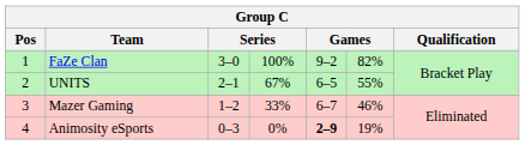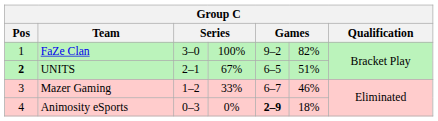 <table class="wikitable" style="display: inline-table;width: 46.5%; ">
 <tr>
 <th colspan="7">Group C</th>
 </tr>
 <tr>
 <th>Pos</th>
 <th>Team</th>
 <th colspan="2">Series</th>
 <th colspan="2">Games</th>
 <th>Qualification</th>
 </tr>
 <tr>
 <td style="text-align:center; background:#BBF3BB;">1</td>
 <td style="text-align:left; background:#BBF3BB;"><a href='#'>FaZe Clan</a></td>
 <td style="text-align:center; background:#BBF3BB;">3–0</td>
 <td style="text-align:center; background:#BBF3BB;">100%</td>
 <td style="text-align:center; background:#BBF3BB;">9–2</td>
 <td style="text-align:center; background:#BBF3BB;">82%</td>
 <td style="text-align:center; background:#BBF3BB;" rowspan="2">Bracket Play</td>
 </tr>
 <tr>
-<td style="text-align:center; background:#BBF3BB;">2</td>
+<td style="text-align:center; background:#BBF3BB;"><strong>2</strong></td>
 <td style="text-align:left; background:#BBF3BB;">UNITS</td>
 <td style="text-align:center; background:#BBF3BB;">2–1</td>
 <td style="text-align:center; background:#BBF3BB;">67%</td>
 <td style="text-align:center; background:#BBF3BB;">6–5</td>
-<td style="text-align:center; background:#BBF3BB;">55%</td>
+<td style="text-align:center; background:#BBF3BB;">51%</td>
 </tr>
 <tr>
 <td style="text-align:center; background:#FFCCCC;">3</td>
 <td style="text-align:left; background:#FFCCCC;">Mazer Gaming</td>
 <td style="text-align:center; background:#FFCCCC;">1–2</td>
 <td style="text-align:center; background:#FFCCCC;">33%</td>
 <td style="text-align:center; background:#FFCCCC;">6–7</td>
 <td style="text-align:center; background:#FFCCCC;">46%</td>
 <td style="text-align:center; background:#FFCCCC;" rowspan="2">Eliminated</td>
 </tr>
 <tr>
 <td style="text-align:center; background:#FFCCCC;">4</td>
 <td style="text-align:left; background:#FFCCCC;">Animosity eSports</td>
 <td style="text-align:center; background:#FFCCCC;">0–3</td>
 <td style="text-align:center; background:#FFCCCC;">0%</td>
 <td style="text-align:center; background:#FFCCCC;"><strong>2–9</strong></td>
-<td style="text-align:center; background:#FFCCCC;">19%</td>
+<td style="text-align:center; background:#FFCCCC;">18%</td>
 </tr>
 </table>
